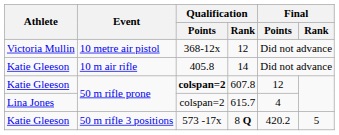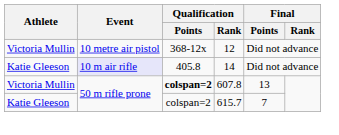 <table class="wikitable" style="font-size:90%;">
 <tr>
 <th rowspan=2>Athlete</th>
 <th rowspan=2>Event</th>
 <th colspan=2>Qualification</th>
 <th colspan=2>Final</th>
 </tr>
 <tr style="font-size:95%">
 <th>Points</th>
 <th>Rank</th>
 <th>Points</th>
 <th>Rank</th>
 </tr>
 <tr align=center>
 <td align=left><a href='#'>Victoria Mullin</a></td>
 <td align=left><a href='#'>10 metre air pistol</a></td>
 <td>368-12x</td>
 <td>12</td>
 <td colspan=2>Did not advance</td>
 </tr>
 <tr align=center>
 <td align=left><a href='#'>Katie Gleeson</a></td>
-<td align=left><a href='#'>10 m air rifle</a></td>
+<td align=left style="background: lavender;"><a href='#'>10 m air rifle</a></td>
 <td>405.8</td>
 <td>14</td>
 <td colspan=2>Did not advance</td>
 </tr>
 <tr align=center>
-<td align=left><a href='#'>Katie Gleeson</a></td>
+<td align=left><a href='#'>Victoria Mullin</a></td>
 <td align=left rowspan=2><a href='#'>50 m rifle prone</a></td>
 <td><strong>colspan=2 </strong></td>
 <td>607.8</td>
-<td>12</td>
-</tr>
-<tr align=center>
-<td align=left><a href='#'>Lina Jones</a></td>
-<td>colspan=2 </td>
-<td>615.7</td>
-<td>4</td>
+<td>13</td>
 </tr>
 <tr align=center>
 <td align=left><a href='#'>Katie Gleeson</a></td>
-<td align=left><a href='#'>50 m rifle 3 positions</a></td>
-<td>573 -17x</td>
-<td>8 <strong>Q</strong></td>
-<td>420.2</td>
-<td>5</td>
+<td>colspan=2 </td>
+<td>615.7</td>
+<td>7</td>
 </tr>
 </table>
